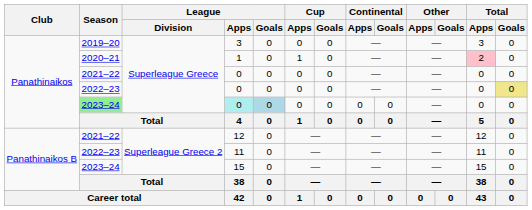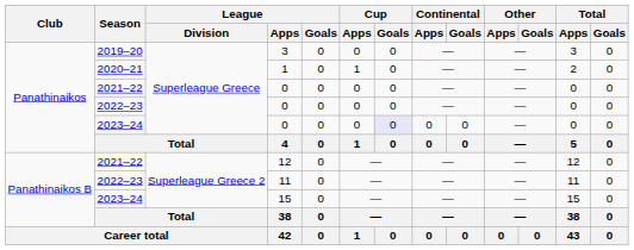 <table class="wikitable" style="text-align:center">
 <tr>
 <th rowspan=2>Club</th>
 <th rowspan=2>Season</th>
 <th colspan=3>League</th>
 <th colspan=2>Cup</th>
 <th colspan=2>Continental</th>
 <th colspan=2>Other</th>
 <th colspan=2>Total</th>
 </tr>
 <tr>
 <th>Division</th>
 <th>Apps</th>
 <th>Goals</th>
 <th>Apps</th>
 <th>Goals</th>
 <th>Apps</th>
 <th>Goals</th>
 <th>Apps</th>
 <th>Goals</th>
 <th>Apps</th>
 <th>Goals</th>
 </tr>
 <tr>
 <td rowspan="6"><a href='#'>Panathinaikos</a></td>
 <td><a href='#'>2019–20</a></td>
 <td rowspan="5"><a href='#'>Superleague Greece</a></td>
 <td>3</td>
 <td>0</td>
 <td>0</td>
 <td>0</td>
 <td colspan="2">—</td>
 <td colspan="2">—</td>
 <td>3</td>
 <td>0</td>
 </tr>
 <tr>
 <td><a href='#'>2020–21</a></td>
 <td>1</td>
 <td>0</td>
 <td>1</td>
 <td>0</td>
 <td colspan="2">—</td>
 <td colspan="2">—</td>
-<td style="background: pink;">2</td>
+<td>2</td>
 <td>0</td>
 </tr>
 <tr>
 <td><a href='#'>2021–22</a></td>
 <td>0</td>
 <td>0</td>
 <td>0</td>
 <td>0</td>
 <td colspan="2">—</td>
 <td colspan="2">—</td>
 <td>0</td>
 <td>0</td>
 </tr>
 <tr>
 <td><a href='#'>2022–23</a></td>
 <td>0</td>
 <td>0</td>
 <td>0</td>
 <td>0</td>
 <td colspan="2">—</td>
 <td colspan="2">—</td>
 <td>0</td>
-<td style="background: khaki;">0</td>
+<td>0</td>
 </tr>
 <tr>
-<td style="background: lightgreen;"><a href='#'>2023–24</a></td>
-<td style="background: paleturquoise;">0</td>
-<td style="background: lightblue;">0</td>
+<td><a href='#'>2023–24</a></td>
 <td>0</td>
 <td>0</td>
+<td>0</td>
+<td style="background: lavender;">0</td>
 <td>0</td>
 <td>0</td>
 <td colspan="2">—</td>
 <td>0</td>
 <td>0</td>
 </tr>
 <tr>
 <th colspan="2">Total</th>
 <th>4</th>
 <th>0</th>
 <th>1</th>
 <th>0</th>
 <th>0</th>
 <th>0</th>
 <th colspan="2">—</th>
 <th>5</th>
 <th>0</th>
 </tr>
 <tr>
 <td rowspan="4"><a href='#'>Panathinaikos B</a></td>
-<td><a href='#'>2021–22</a></td>
+<td style="background: lightyellow;"><a href='#'>2021–22</a></td>
 <td rowspan="3"><a href='#'>Superleague Greece 2</a></td>
 <td>12</td>
 <td>0</td>
 <td colspan="2">—</td>
 <td colspan="2">—</td>
 <td colspan="2">—</td>
 <td>12</td>
 <td>0</td>
 </tr>
 <tr>
 <td><a href='#'>2022–23</a></td>
 <td>11</td>
 <td>0</td>
 <td colspan="2">—</td>
 <td colspan="2">—</td>
 <td colspan="2">—</td>
 <td>11</td>
 <td>0</td>
 </tr>
 <tr>
 <td><a href='#'>2023–24</a></td>
 <td>15</td>
 <td>0</td>
 <td colspan="2">—</td>
 <td colspan="2">—</td>
 <td colspan="2">—</td>
 <td>15</td>
 <td>0</td>
 </tr>
 <tr>
 <th colspan="2">Total</th>
 <th>38</th>
 <th>0</th>
 <th colspan="2">—</th>
 <th colspan="2">—</th>
 <th colspan="2">—</th>
 <th>38</th>
 <th>0</th>
 </tr>
 <tr>
 <th colspan="3">Career total</th>
 <th>42</th>
 <th>0</th>
 <th>1</th>
 <th>0</th>
 <th>0</th>
 <th>0</th>
 <th>0</th>
 <th>0</th>
 <th>43</th>
 <th>0</th>
 </tr>
 </table>
